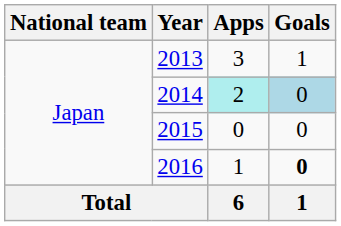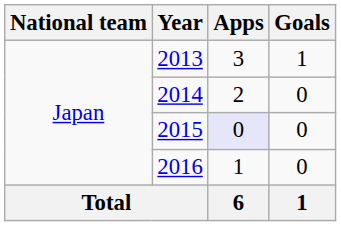 <table class="wikitable" style="text-align:center">
 <tr>
 <th>National team</th>
 <th>Year</th>
 <th>Apps</th>
 <th>Goals</th>
 </tr>
 <tr>
 <td rowspan="4"><a href='#'>Japan</a></td>
 <td><a href='#'>2013</a></td>
 <td>3</td>
 <td>1</td>
 </tr>
 <tr>
 <td><a href='#'>2014</a></td>
-<td style="background: paleturquoise;">2</td>
-<td style="background: lightblue;">0</td>
+<td>2</td>
+<td>0</td>
 </tr>
 <tr>
 <td><a href='#'>2015</a></td>
-<td>0</td>
+<td style="background: lavender;">0</td>
 <td>0</td>
 </tr>
 <tr>
 <td><a href='#'>2016</a></td>
 <td>1</td>
-<td><strong>0</strong></td>
+<td>0</td>
 </tr>
 <tr>
 <th colspan="2">Total</th>
 <th>6</th>
 <th>1</th>
 </tr>
 </table>
